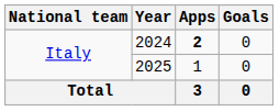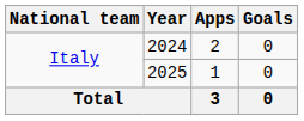 <table class=wikitable style=text-align:center>
 <tr>
 <th>National team</th>
 <th>Year</th>
 <th>Apps</th>
 <th>Goals</th>
 </tr>
 <tr>
 <td rowspan="2"><a href='#'>Italy</a></td>
 <td>2024</td>
-<td><strong>2</strong></td>
+<td>2</td>
 <td>0</td>
 </tr>
 <tr>
 <td>2025</td>
 <td>1</td>
 <td>0</td>
 </tr>
 <tr>
 <th colspan="2">Total</th>
 <th>3</th>
 <th>0</th>
 </tr>
 </table>
